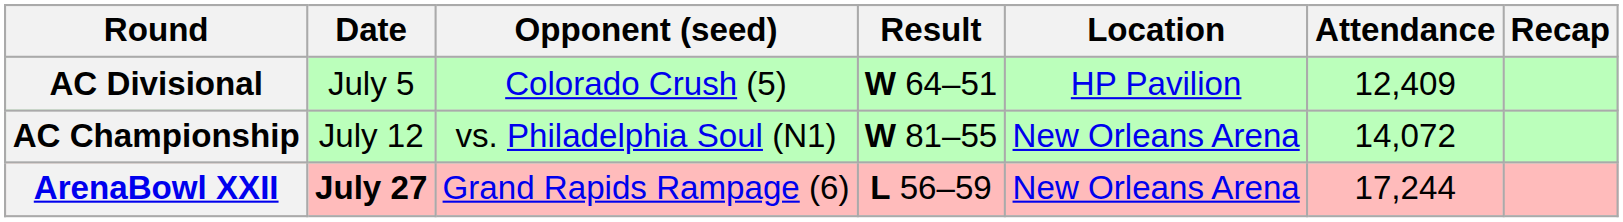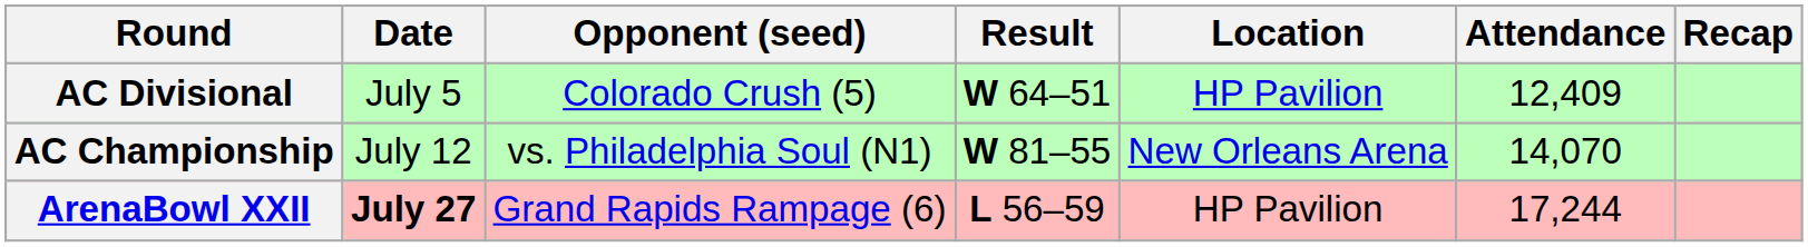 <table class="wikitable" style="text-align:center">
 <tr>
 <th>Round</th>
 <th>Date</th>
 <th>Opponent (seed)</th>
 <th>Result</th>
 <th>Location</th>
 <th>Attendance</th>
 <th>Recap</th>
 </tr>
 <tr bgcolor="#bbffbb">
 <th>AC Divisional</th>
 <td>July 5</td>
 <td><a href='#'>Colorado Crush</a> (5)</td>
 <td><strong>W</strong> 64–51</td>
 <td><a href='#'>HP Pavilion</a></td>
 <td>12,409</td>
 <td></td>
 </tr>
 <tr bgcolor="#bbffbb">
 <th>AC Championship</th>
 <td>July 12</td>
 <td>vs. <a href='#'>Philadelphia Soul</a> (N1)</td>
 <td><strong>W</strong> 81–55</td>
 <td><a href='#'>New Orleans Arena</a></td>
-<td>14,072</td>
+<td>14,070</td>
 <td></td>
 </tr>
 <tr bgcolor="#ffbbbb">
 <th><a href='#'>ArenaBowl XXII</a></th>
 <td><strong>July 27</strong></td>
 <td><a href='#'>Grand Rapids Rampage</a> (6)</td>
 <td><strong>L</strong> 56–59</td>
-<td><a href='#'>New Orleans Arena</a></td>
+<td>HP Pavilion</td>
 <td>17,244</td>
 <td></td>
 </tr>
 </table>
